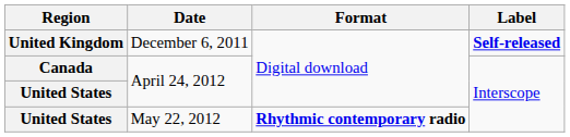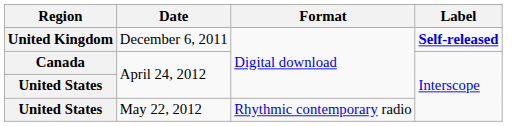 <table class="wikitable plainrowheaders">
 <tr>
 <th>Region</th>
 <th>Date</th>
 <th>Format</th>
 <th>Label</th>
 </tr>
 <tr>
 <th scope="row">United Kingdom</th>
 <td>December 6, 2011</td>
 <td rowspan="3"><a href='#'>Digital download</a></td>
 <td><strong><a href='#'>Self-released</a></strong></td>
 </tr>
 <tr>
 <th scope="row">Canada</th>
 <td rowspan="2">April 24, 2012</td>
 <td rowspan="3"><a href='#'>Interscope</a></td>
 </tr>
 <tr>
 <th scope="row">United States</th>
 </tr>
 <tr>
 <th scope="row">United States</th>
 <td>May 22, 2012</td>
-<td><strong><a href='#'>Rhythmic contemporary</a> radio</strong></td>
+<td><a href='#'>Rhythmic contemporary</a> radio</td>
 </tr>
 </table>
